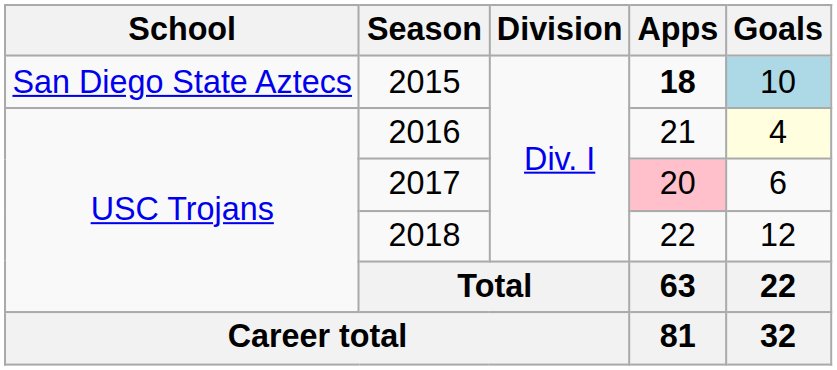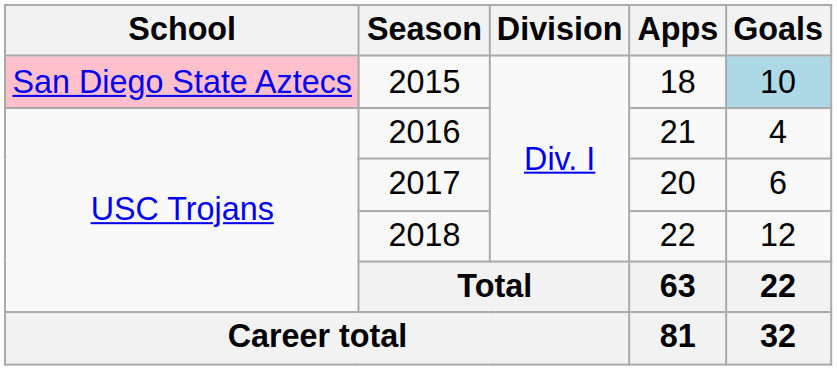 <table class="wikitable" style="text-align: center;">
 <tr>
 <th>School</th>
 <th>Season</th>
 <th>Division</th>
 <th>Apps</th>
 <th>Goals</th>
 </tr>
 <tr>
-<td><a href='#'>San Diego State Aztecs</a></td>
+<td style="background: pink;"><a href='#'>San Diego State Aztecs</a></td>
 <td>2015</td>
 <td rowspan="4"><a href='#'>Div. I</a></td>
-<td><strong>18</strong></td>
+<td>18</td>
 <td style="background: lightblue;">10</td>
 </tr>
 <tr>
 <td rowspan="4"><a href='#'>USC Trojans</a></td>
 <td>2016</td>
 <td>21</td>
-<td style="background: lightyellow;">4</td>
+<td>4</td>
 </tr>
 <tr>
 <td>2017</td>
-<td style="background: pink;">20</td>
+<td>20</td>
 <td>6</td>
 </tr>
 <tr>
 <td>2018</td>
 <td>22</td>
 <td>12</td>
 </tr>
 <tr>
 <th colspan="2">Total</th>
 <th>63</th>
 <th>22</th>
 </tr>
 <tr>
 <th colspan="3">Career total</th>
 <th>81</th>
 <th>32</th>
 </tr>
 </table>
